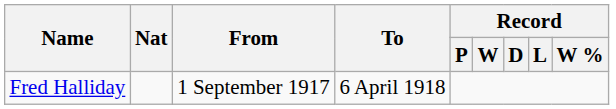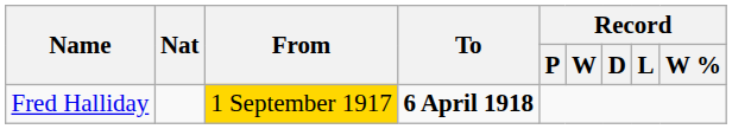 <table class="wikitable" style="text-align: center">
 <tr>
 <th rowspan="2">Name</th>
 <th rowspan="2">Nat</th>
 <th rowspan="2">From</th>
 <th rowspan="2">To</th>
 <th colspan="5">Record</th>
 </tr>
 <tr>
 <th>P</th>
 <th>W</th>
 <th>D</th>
 <th>L</th>
 <th>W %</th>
 </tr>
 <tr>
 <td align=left><a href='#'>Fred Halliday</a></td>
 <td></td>
-<td align=left>1 September 1917</td>
-<td align=left>6 April 1918<br></td>
+<td align=left style="background: gold;">1 September 1917</td>
+<td align=left><strong>6 April 1918<br></strong></td>
 </tr>
 </table>
